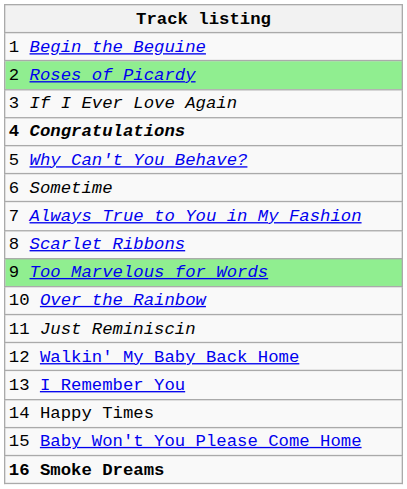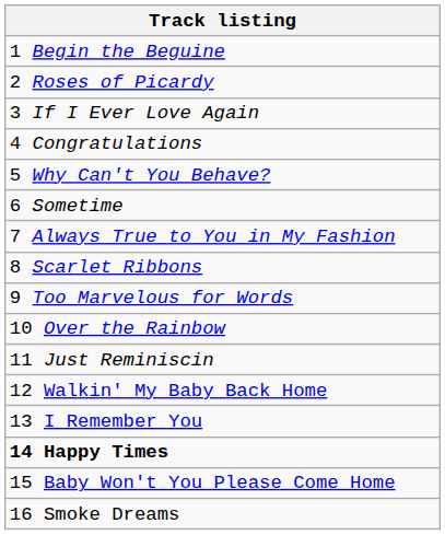 <table class="wikitable collapsible collapsed" style="width:300px;">
 <tr>
 <th>Track listing</th>
 </tr>
 <tr>
 <td>1 <em><a href='#'>Begin the Beguine</a></em></td>
 </tr>
 <tr>
-<td style="background: lightgreen;">2 <em><a href='#'>Roses of Picardy</a></em></td>
+<td>2 <em><a href='#'>Roses of Picardy</a></em></td>
 </tr>
 <tr>
 <td>3 <em>If I Ever Love Again</em></td>
 </tr>
 <tr>
-<td><strong>4 <em>Congratulations</em></strong></td>
+<td>4 <em>Congratulations</em></td>
 </tr>
 <tr>
 <td>5  <em><a href='#'>Why Can't You Behave?</a></em></td>
 </tr>
 <tr>
 <td>6 <em>Sometime</em></td>
 </tr>
 <tr>
 <td>7 <em><a href='#'>Always True to You in My Fashion</a></em></td>
 </tr>
 <tr>
 <td>8  <em><a href='#'>Scarlet Ribbons</a></em></td>
 </tr>
 <tr>
-<td style="background: lightgreen;">9  <em><a href='#'>Too Marvelous for Words</a></em></td>
+<td>9  <em><a href='#'>Too Marvelous for Words</a></em></td>
 </tr>
 <tr>
 <td>10 <em><a href='#'>Over the Rainbow</a></em></td>
 </tr>
 <tr>
 <td>11 <em>Just Reminiscin<strong></td>
 </tr>
 <tr>
 <td>12 </em><a href='#'>Walkin' My Baby Back Home</a><em></td>
 </tr>
 <tr>
 <td>13 </em><a href='#'>I Remember You</a><em></td>
 </tr>
 <tr>
-<td>14 </em>Happy Times<em></td>
+<td><strong>14 </em>Happy Times<em></strong></td>
 </tr>
 <tr>
 <td>15 </em><a href='#'>Baby Won't You Please Come Home</a><em></td>
 </tr>
 <tr>
-<td><strong>16 </em>Smoke Dreams<em></strong></td>
+<td>16 </em>Smoke Dreams<em></td>
 </tr>
 </table>
